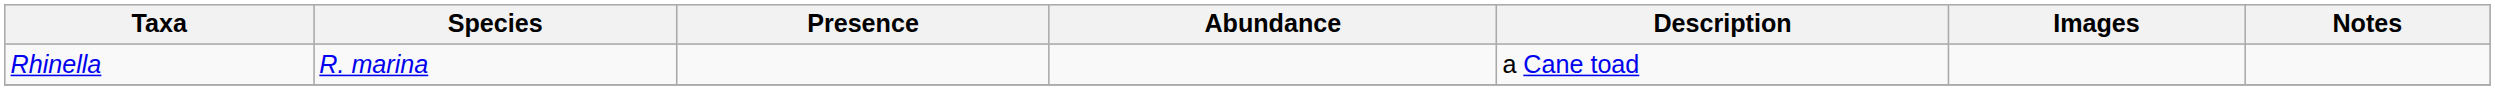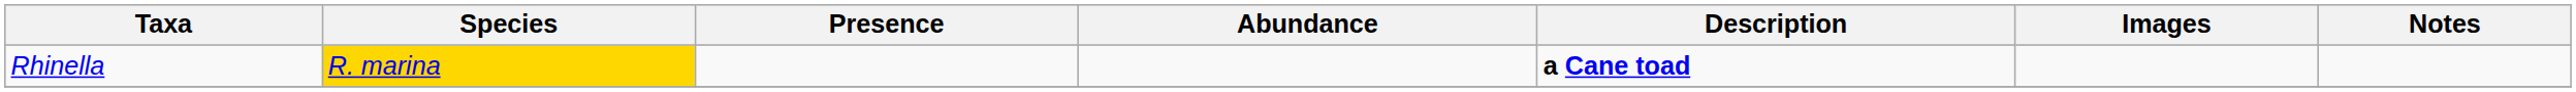 <table class="wikitable sortable mw-collapsible" width=100%>
 <tr>
 <th>Taxa</th>
 <th>Species</th>
 <th>Presence</th>
 <th>Abundance</th>
 <th>Description</th>
 <th>Images</th>
 <th>Notes</th>
 </tr>
 <tr>
 <td><em><a href='#'>Rhinella</a></em></td>
-<td><em><a href='#'>R. marina</a></em></td>
+<td style="background: gold;"><em><a href='#'>R. marina</a></em></td>
 <td></td>
 <td></td>
-<td>a <a href='#'>Cane toad</a></td>
+<td><strong>a <a href='#'>Cane toad</a></strong></td>
 <td></td>
 <td></td>
 </tr>
 <tr>
 </tr>
 </table>
